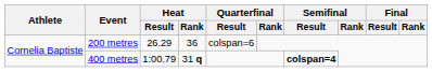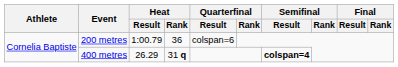 <table class=wikitable style=font-size:90%>
 <tr>
 <th rowspan=2>Athlete</th>
 <th rowspan=2>Event</th>
 <th colspan=2>Heat</th>
 <th colspan=2>Quarterfinal</th>
 <th colspan=2>Semifinal</th>
 <th colspan=2>Final</th>
 </tr>
 <tr style=font-size:95%>
 <th>Result</th>
 <th>Rank</th>
 <th>Result</th>
 <th>Rank</th>
 <th>Result</th>
 <th>Rank</th>
 <th>Result</th>
 <th>Rank</th>
 </tr>
 <tr align=center>
 <td align=left rowspan=2><a href='#'>Cornelia Baptiste</a></td>
 <td align=left><a href='#'>200 metres</a></td>
-<td>26.29</td>
+<td>1:00.79</td>
 <td>36</td>
 <td>colspan=6 </td>
 </tr>
 <tr align=center>
 <td align=left><a href='#'>400 metres</a></td>
-<td>1:00.79</td>
+<td>26.29</td>
 <td>31 <strong>q</strong></td>
 <td colspan=2></td>
 <td><strong>colspan=4 </strong></td>
 </tr>
 </table>
